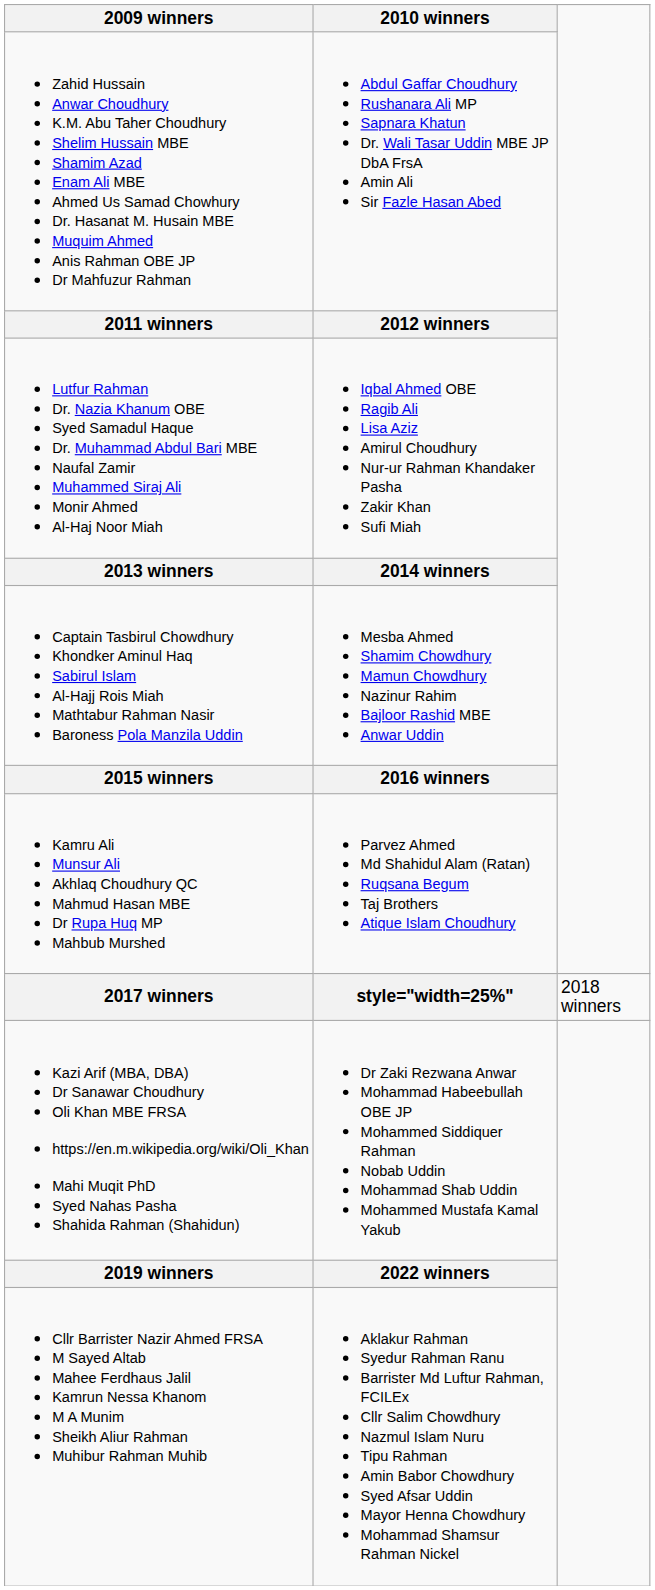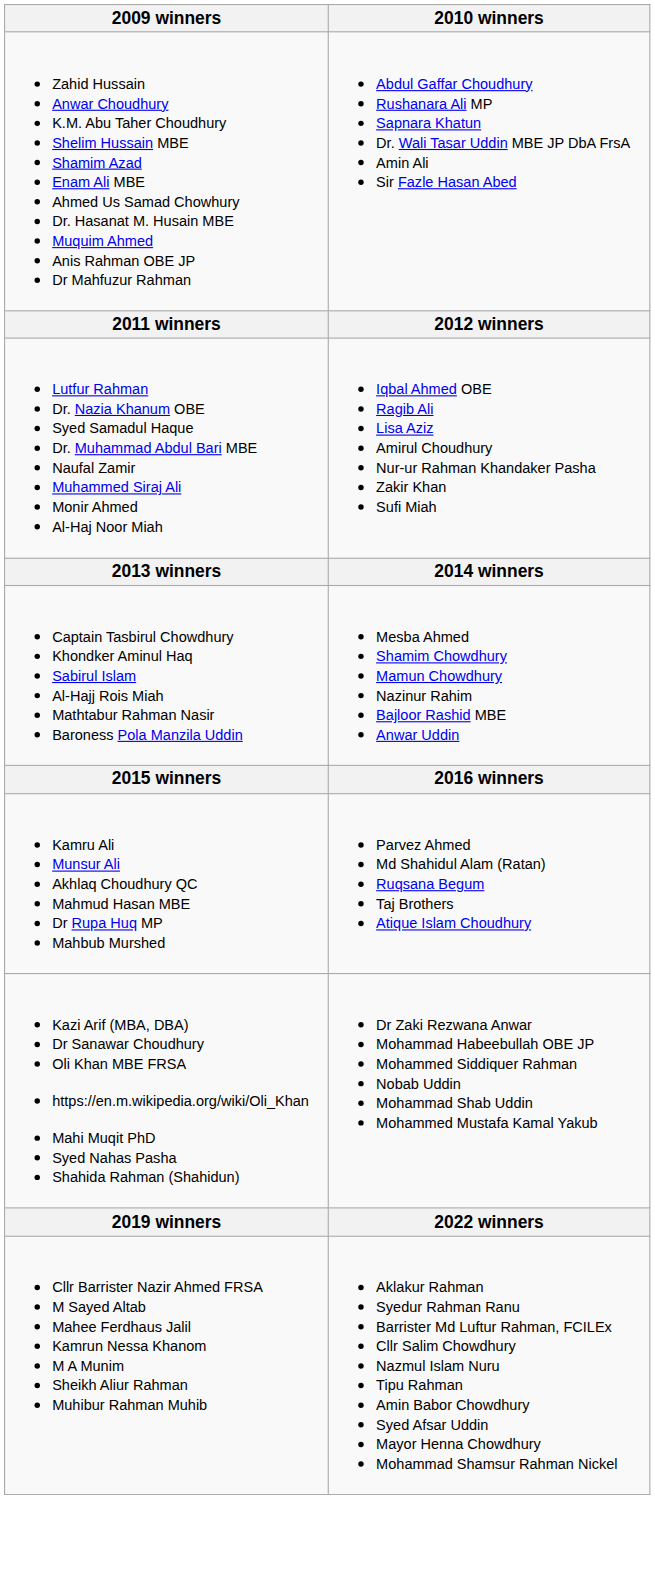 <table class="wikitable" style="width:95%;" cellpadding="5">
 <tr>
 <th style="width=25%">2009 winners</th>
 <th style="width=25%">2010 winners</th>
 </tr>
 <tr>
 <td valign="top"><br><ul><li><small>Zahid Hussain</small></li><li><small><a href='#'>Anwar Choudhury</a></small></li><li><small>K.M. Abu Taher Choudhury</small></li><li><small><a href='#'>Shelim Hussain</a> MBE</small></li><li><small><a href='#'>Shamim Azad</a></small></li><li><small><a href='#'>Enam Ali</a> MBE</small></li><li><small>Ahmed Us Samad Chowhury</small></li><li><small>Dr. Hasanat M. Husain MBE</small></li><li><small><a href='#'>Muquim Ahmed</a></small></li><li><small>Anis Rahman OBE JP</small></li><li><small>Dr Mahfuzur Rahman</small></li></ul></td>
 <td valign="top"><br><ul><li><small><a href='#'>Abdul Gaffar Choudhury</a></small></li><li><small><a href='#'>Rushanara Ali</a> MP</small></li><li><small><a href='#'>Sapnara Khatun</a></small></li><li><small>Dr. <a href='#'>Wali Tasar Uddin</a> MBE JP DbA FrsA</small></li><li><small> Amin Ali</small></li><li><small>Sir <a href='#'>Fazle Hasan Abed</a></small></li></ul></td>
 </tr>
 <tr>
 <th style="width=25%">2011 winners</th>
 <th style="width=25%">2012 winners</th>
 </tr>
 <tr>
 <td valign="top"><br><ul><li><small><a href='#'>Lutfur Rahman</a></small></li><li><small>Dr. <a href='#'>Nazia Khanum</a> OBE</small></li><li><small>Syed Samadul Haque</small></li><li><small>Dr. <a href='#'>Muhammad Abdul Bari</a> MBE</small></li><li><small>Naufal Zamir</small></li><li><small><a href='#'>Muhammed Siraj Ali</a></small></li><li><small>Monir Ahmed</small></li><li><small>Al-Haj Noor Miah</small></li></ul></td>
 <td valign="top"><br><ul><li><small><a href='#'>Iqbal Ahmed</a> OBE</small></li><li><small><a href='#'>Ragib Ali</a></small></li><li><small><a href='#'>Lisa Aziz</a></small></li><li><small>Amirul Choudhury</small></li><li><small>Nur-ur Rahman Khandaker Pasha</small></li><li><small>Zakir Khan</small></li><li><small>Sufi Miah</small></li></ul></td>
 </tr>
 <tr>
 <th style="width=25%">2013 winners</th>
 <th style="width=25%">2014 winners</th>
 </tr>
 <tr>
 <td valign="top"><br><ul><li><small>Captain Tasbirul Chowdhury</small></li><li><small>Khondker Aminul Haq</small></li><li><small><a href='#'>Sabirul Islam</a></small></li><li><small>Al-Hajj Rois Miah</small></li><li><small>Mathtabur Rahman Nasir</small></li><li><small>Baroness <a href='#'>Pola Manzila Uddin</a></small></li></ul></td>
 <td valign="top"><br><ul><li><small>Mesba Ahmed</small></li><li><small><a href='#'>Shamim Chowdhury</a></small></li><li><small><a href='#'>Mamun Chowdhury</a></small></li><li><small>Nazinur Rahim</small></li><li><small><a href='#'>Bajloor Rashid</a> MBE</small></li><li><small><a href='#'>Anwar Uddin</a></small></li></ul></td>
 </tr>
 <tr>
 <th style="width=25%">2015 winners</th>
 <th style="width=25%">2016 winners</th>
 </tr>
 <tr>
 <td valign="top"><br><ul><li><small>Kamru Ali</small></li><li><small><a href='#'>Munsur Ali</a></small></li><li><small>Akhlaq Choudhury QC</small></li><li><small>Mahmud Hasan MBE</small></li><li><small>Dr <a href='#'>Rupa Huq</a> MP</small></li><li><small>Mahbub Murshed</small></li></ul></td>
 <td valign="top"><br><ul><li><small>Parvez Ahmed</small></li><li><small>Md Shahidul Alam (Ratan)</small></li><li><small><a href='#'>Ruqsana Begum</a></small></li><li><small>Taj Brothers</small></li><li><small><a href='#'>Atique Islam Choudhury</a></small></li></ul></td>
 </tr>
 <tr>
-<th style="width=25%">2017 winners</th>
-<th>style="width=25%"</th>
-<td>2018 winners</td>
-</tr>
-<tr>
 <td valign="top"><br><ul><li><small>Kazi Arif (MBA, DBA)</small></li><li><small>Dr Sanawar Choudhury</small></li><li><small>Oli Khan MBE FRSA</small></li></ul><ul><li><small> https://en.m.wikipedia.org/wiki/Oli_Khan</small></li></ul><ul><li><small>Mahi Muqit PhD</small></li><li><small>Syed Nahas Pasha</small></li><li><small>Shahida Rahman (Shahidun)</small></li></ul></td>
 <td valign="top"><br><ul><li><small>Dr Zaki Rezwana Anwar</small></li><li><small>Mohammad Habeebullah OBE JP</small></li><li><small>Mohammed Siddiquer Rahman</small></li><li><small>Nobab Uddin</small></li><li><small>Mohammad Shab Uddin</small></li><li><small>Mohammed Mustafa Kamal Yakub</small></li></ul></td>
 </tr>
 <tr>
 <th style="width=25%">2019 winners</th>
 <th style="width=25%">2022 winners</th>
 </tr>
 <tr>
 <td valign="top"><br><ul><li><small>Cllr Barrister Nazir Ahmed FRSA</small></li><li><small>M Sayed Altab</small></li><li><small>Mahee Ferdhaus Jalil</small></li><li><small>Kamrun Nessa Khanom</small></li><li><small>M A Munim</small></li><li><small>Sheikh Aliur Rahman</small></li><li><small>Muhibur Rahman Muhib</small></li></ul></td>
 <td valign="top"><br><ul><li><small>Aklakur Rahman</small></li><li><small>Syedur Rahman Ranu</small></li><li><small>Barrister Md Luftur Rahman, FCILEx</small></li><li><small>Cllr Salim Chowdhury</small></li><li><small>Nazmul Islam Nuru</small></li><li><small>Tipu Rahman</small></li><li><small>Amin Babor Chowdhury</small></li><li><small>Syed Afsar Uddin</small></li><li><small>Mayor Henna Chowdhury</small></li><li><small>Mohammad Shamsur Rahman Nickel</small></li></ul></td>
 </tr>
 </table>
